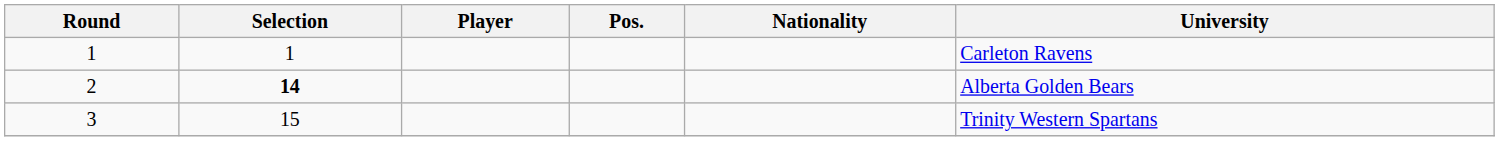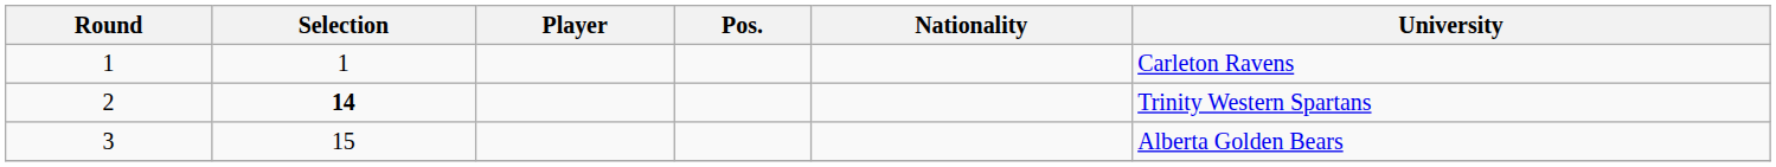 <table class="wikitable sortable" style="width:90%; font-size:95%;">
 <tr>
 <th>Round</th>
 <th>Selection</th>
 <th>Player</th>
 <th>Pos.</th>
 <th>Nationality</th>
 <th>University</th>
 </tr>
 <tr>
 <td align=center>1</td>
 <td align=center>1</td>
 <td align=center></td>
 <td></td>
 <td></td>
 <td><a href='#'>Carleton Ravens</a></td>
 </tr>
 <tr>
 <td align=center>2</td>
 <td align=center><strong>14</strong></td>
 <td align=center></td>
 <td></td>
 <td></td>
-<td><a href='#'>Alberta Golden Bears</a></td>
+<td><a href='#'>Trinity Western Spartans</a></td>
 </tr>
 <tr>
 <td align=center>3</td>
 <td align=center>15</td>
 <td align=center></td>
 <td></td>
 <td></td>
-<td><a href='#'>Trinity Western Spartans</a></td>
+<td><a href='#'>Alberta Golden Bears</a></td>
 </tr>
 <tr>
 </tr>
 </table>
